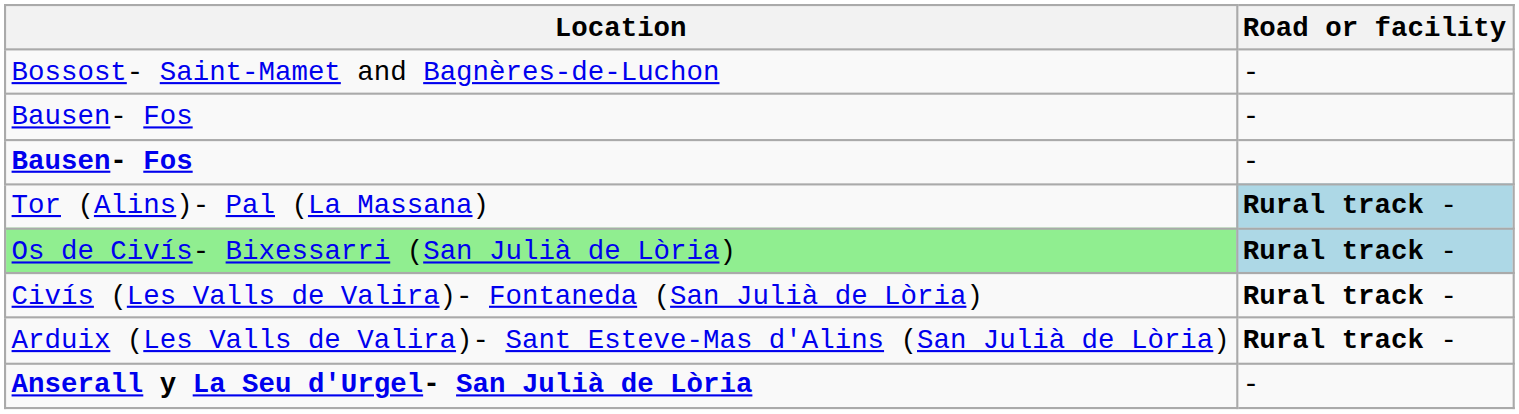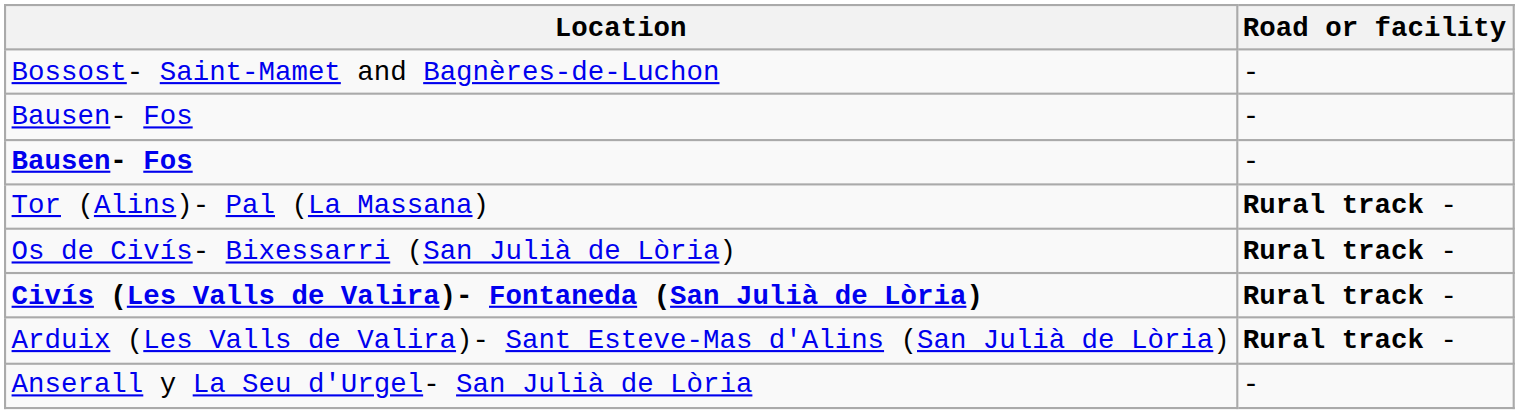 <table class="wikitable">
 <tr>
 <th>Location</th>
 <th>Road or facility</th>
 </tr>
 <tr>
 <td> <a href='#'>Bossost</a>- <a href='#'>Saint-Mamet</a> and <a href='#'>Bagnères-de-Luchon</a></td>
 <td> - </td>
 </tr>
 <tr>
 <td> <a href='#'>Bausen</a>- <a href='#'>Fos</a></td>
 <td> - </td>
 </tr>
 <tr>
 <td><strong> <a href='#'>Bausen</a>- <a href='#'>Fos</a></strong></td>
 <td> - </td>
 </tr>
 <tr>
 <td> <a href='#'>Tor</a> (<a href='#'>Alins</a>)- <a href='#'>Pal</a> (<a href='#'>La Massana</a>)</td>
-<td style="background: lightblue;"><strong>Rural track</strong> - </td>
+<td><strong>Rural track</strong> - </td>
 </tr>
 <tr>
-<td style="background: lightgreen;"> <a href='#'>Os de Civís</a>- <a href='#'>Bixessarri</a> (<a href='#'>San Julià de Lòria</a>)</td>
-<td style="background: lightblue;"><strong>Rural track</strong> - </td>
+<td> <a href='#'>Os de Civís</a>- <a href='#'>Bixessarri</a> (<a href='#'>San Julià de Lòria</a>)</td>
+<td><strong>Rural track</strong> - </td>
 </tr>
 <tr>
-<td> <a href='#'>Civís</a> (<a href='#'>Les Valls de Valira</a>)- <a href='#'>Fontaneda</a> (<a href='#'>San Julià de Lòria</a>)</td>
+<td><strong> <a href='#'>Civís</a> (<a href='#'>Les Valls de Valira</a>)- <a href='#'>Fontaneda</a> (<a href='#'>San Julià de Lòria</a>)</strong></td>
 <td><strong>Rural track</strong> - </td>
 </tr>
 <tr>
 <td> <a href='#'>Arduix</a> (<a href='#'>Les Valls de Valira</a>)- <a href='#'>Sant Esteve-Mas d'Alins</a> (<a href='#'>San Julià de Lòria</a>)</td>
 <td><strong>Rural track</strong> - </td>
 </tr>
 <tr>
-<td><strong> <a href='#'>Anserall</a> y <a href='#'>La Seu d'Urgel</a>- <a href='#'>San Julià de Lòria</a></strong></td>
+<td> <a href='#'>Anserall</a> y <a href='#'>La Seu d'Urgel</a>- <a href='#'>San Julià de Lòria</a></td>
 <td> - </td>
 </tr>
 </table>
